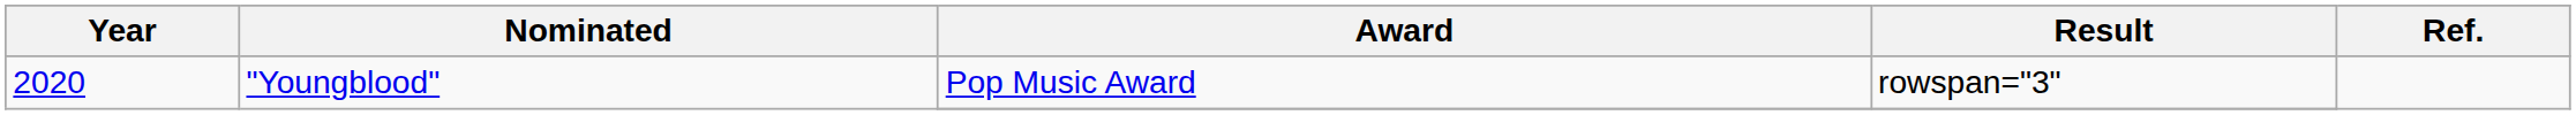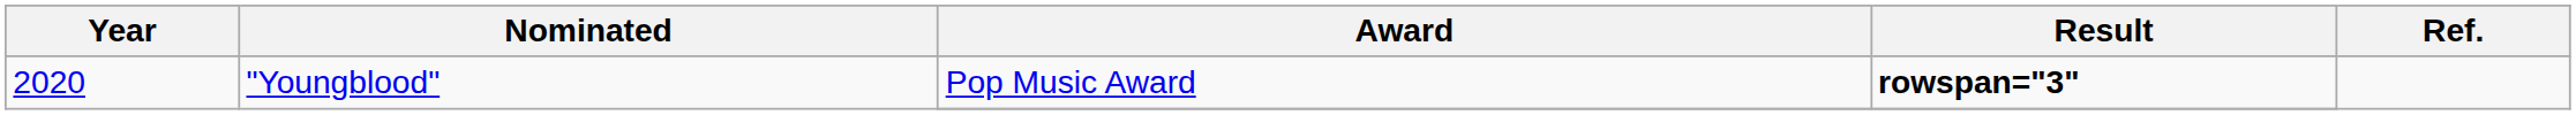 <table class="wikitable" style="width:100%;">
 <tr>
 <th width=5%>Year</th>
 <th style="width:15%;">Nominated</th>
 <th style="width:20%;">Award</th>
 <th style="width:10%;">Result</th>
 <th style="width:5%;">Ref.</th>
 </tr>
 <tr>
 <td rowspan="4"><a href='#'>2020</a></td>
 <td rowspan="3"><a href='#'>"Youngblood"</a></td>
 <td><a href='#'>Pop Music Award</a></td>
-<td>rowspan="3" </td>
+<td><strong>rowspan="3" </strong></td>
 <td rowspan="4"></td>
 </tr>
 <tr>
 </tr>
 </table>
